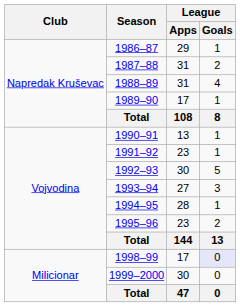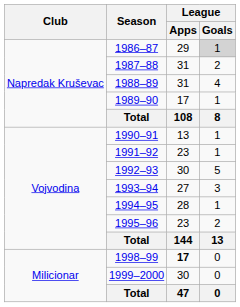 <table class="wikitable" style="text-align:center">
 <tr>
 <th rowspan="2">Club</th>
 <th rowspan="2">Season</th>
 <th colspan="2">League</th>
 </tr>
 <tr>
 <th>Apps</th>
 <th>Goals</th>
 </tr>
 <tr>
 <td rowspan="5"><a href='#'>Napredak Kruševac</a></td>
 <td><a href='#'>1986–87</a></td>
 <td>29</td>
-<td>1</td>
+<td style="background: lightgrey;">1</td>
 </tr>
 <tr>
 <td><a href='#'>1987–88</a></td>
 <td>31</td>
 <td>2</td>
 </tr>
 <tr>
 <td><a href='#'>1988–89</a></td>
 <td>31</td>
 <td>4</td>
 </tr>
 <tr>
 <td><a href='#'>1989–90</a></td>
 <td>17</td>
 <td>1</td>
 </tr>
 <tr>
 <th>Total</th>
 <th>108</th>
 <th>8</th>
 </tr>
 <tr>
 <td rowspan="7"><a href='#'>Vojvodina</a></td>
 <td><a href='#'>1990–91</a></td>
 <td>13</td>
 <td>1</td>
 </tr>
 <tr>
 <td><a href='#'>1991–92</a></td>
 <td>23</td>
 <td>1</td>
 </tr>
 <tr>
 <td><a href='#'>1992–93</a></td>
 <td>30</td>
 <td>5</td>
 </tr>
 <tr>
 <td><a href='#'>1993–94</a></td>
 <td>27</td>
 <td>3</td>
 </tr>
 <tr>
 <td><a href='#'>1994–95</a></td>
 <td>28</td>
 <td>1</td>
 </tr>
 <tr>
 <td><a href='#'>1995–96</a></td>
 <td>23</td>
 <td>2</td>
 </tr>
 <tr>
 <th>Total</th>
 <th>144</th>
 <th>13</th>
 </tr>
 <tr>
 <td rowspan="3"><a href='#'>Milicionar</a></td>
 <td><a href='#'>1998–99</a></td>
-<td>17</td>
-<td style="background: lavender;">0</td>
+<td><strong>17</strong></td>
+<td>0</td>
 </tr>
 <tr>
 <td><a href='#'>1999–2000</a></td>
 <td>30</td>
 <td>0</td>
 </tr>
 <tr>
 <th>Total</th>
 <th>47</th>
 <th>0</th>
 </tr>
 </table>
